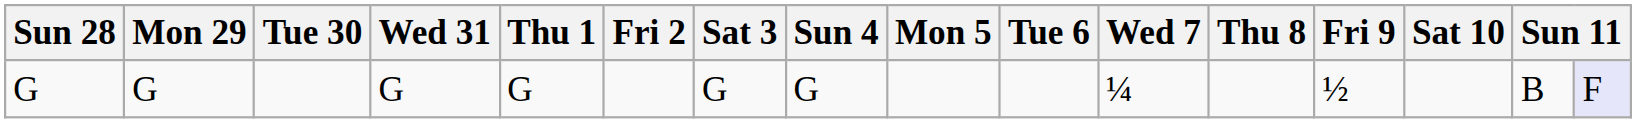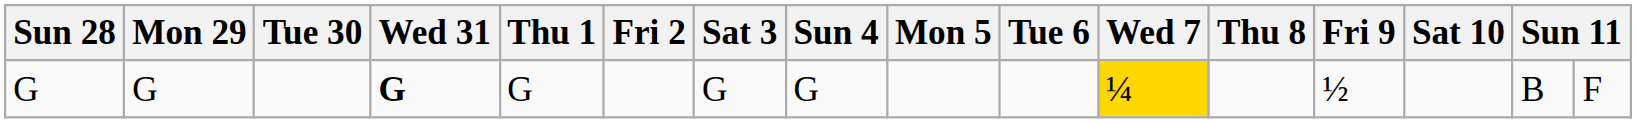 <table class="wikitable olympic-schedule basketball">
 <tr>
 <th>Sun 28</th>
 <th>Mon 29</th>
 <th>Tue 30</th>
 <th>Wed 31</th>
 <th>Thu 1</th>
 <th>Fri 2</th>
 <th>Sat 3</th>
 <th>Sun 4</th>
 <th>Mon 5</th>
 <th>Tue 6</th>
 <th>Wed 7</th>
 <th>Thu 8</th>
 <th>Fri 9</th>
 <th>Sat 10</th>
 <th colspan="2">Sun 11</th>
 </tr>
 <tr>
 <td class="team-group">G</td>
 <td class="team-group">G</td>
 <td></td>
-<td class="team-group">G</td>
+<td class="team-group"><strong>G</strong></td>
 <td class="team-group">G</td>
 <td></td>
 <td class="team-group">G</td>
 <td class="team-group">G</td>
 <td></td>
 <td></td>
-<td class="team-qf">¼</td>
+<td class="team-qf" style="background: gold;">¼</td>
 <td></td>
 <td class="team-sf">½</td>
 <td></td>
 <td class="team-bronze">B</td>
-<td class="team-final" style="background: lavender;">F</td>
+<td class="team-final">F</td>
 </tr>
 </table>
